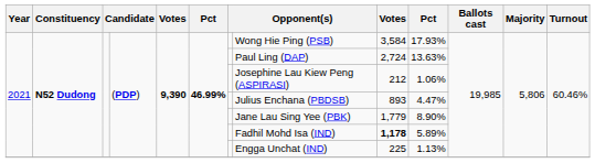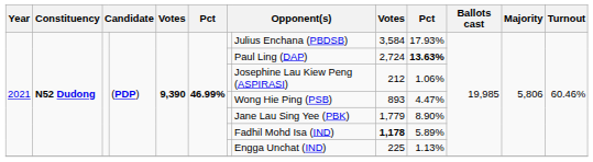 <table class="wikitable" style="margin:0.5em ; font-size:95%">
 <tr>
 <th>Year</th>
 <th>Constituency</th>
 <th colspan="2">Candidate</th>
 <th>Votes</th>
 <th>Pct</th>
 <th colspan="2">Opponent(s)</th>
 <th>Votes</th>
 <th>Pct</th>
 <th>Ballots cast</th>
 <th>Majority</th>
 <th>Turnout</th>
 </tr>
 <tr>
 <td rowspan="7"><a href='#'>2021</a></td>
 <td rowspan="7"><strong>N52 <a href='#'>Dudong</a></strong></td>
 <td rowspan="7" ></td>
 <td rowspan="7"> (<a href='#'><strong>PDP</strong></a>)</td>
 <td rowspan="7" style="text-align:right;"><strong>9,390</strong></td>
 <td rowspan="7" style="text-align:right;"><strong>46.99%</strong></td>
 <td style="background-color:"></td>
-<td>Wong Hie Ping (<a href='#'>PSB</a>)</td>
+<td>Julius Enchana (<a href='#'>PBDSB</a>)</td>
 <td style="text-align:right;">3,584</td>
 <td style="text-align:right;">17.93%</td>
 <td rowspan="7" style="text-align:right;">19,985</td>
 <td rowspan="7" style="text-align:right;">5,806</td>
 <td rowspan="7" style="text-align:right;">60.46%</td>
 </tr>
 <tr>
 <td></td>
 <td>Paul Ling (<a href='#'>DAP</a>)</td>
 <td style="text-align:right;">2,724</td>
-<td style="text-align:right;">13.63%</td>
+<td style="text-align:right;"><strong>13.63%</strong></td>
 </tr>
 <tr>
 <td style="background:"></td>
 <td>Josephine Lau Kiew Peng (<a href='#'>ASPIRASI</a>)</td>
 <td style="text-align:right;">212</td>
 <td style="text-align:right;">1.06%</td>
 </tr>
 <tr>
 <td></td>
-<td>Julius Enchana (<a href='#'>PBDSB</a>)</td>
+<td>Wong Hie Ping (<a href='#'>PSB</a>)</td>
 <td style="text-align:right;">893</td>
 <td style="text-align:right;">4.47%</td>
 </tr>
 <tr>
 <td></td>
 <td>Jane Lau Sing Yee (<a href='#'>PBK</a>)</td>
 <td style="text-align:right;">1,779</td>
 <td style="text-align:right;">8.90%</td>
 </tr>
 <tr>
 <td></td>
 <td>Fadhil Mohd Isa (<a href='#'>IND</a>)</td>
 <td style="text-align:right;"><strong>1,178</strong></td>
 <td style="text-align:right;">5.89%</td>
 </tr>
 <tr>
 <td></td>
 <td>Engga Unchat (<a href='#'>IND</a>)</td>
 <td style="text-align:right;">225</td>
 <td style="text-align:right;">1.13%</td>
 </tr>
 <tr>
 </tr>
 </table>
